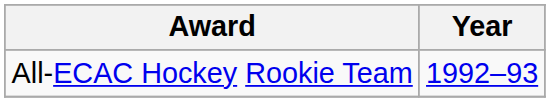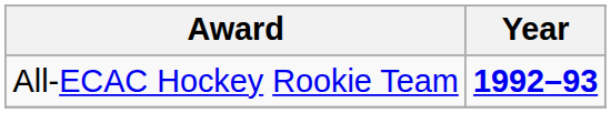 <table class="wikitable">
 <tr>
 <th>Award</th>
 <th>Year</th>
 </tr>
 <tr>
 <td>All-<a href='#'>ECAC Hockey</a> <a href='#'>Rookie Team</a></td>
-<td><a href='#'>1992–93</a></td>
+<td><strong><a href='#'>1992–93</a></strong></td>
 </tr>
 <tr>
 </tr>
 </table>
